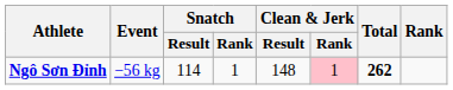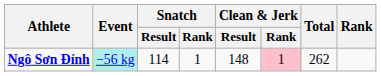 <table class="wikitable" style="font-size:90%">
 <tr>
 <th rowspan="2">Athlete</th>
 <th rowspan="2">Event</th>
 <th colspan="2">Snatch</th>
 <th colspan="2">Clean & Jerk</th>
 <th rowspan="2">Total</th>
 <th rowspan="2">Rank</th>
 </tr>
 <tr style="font-size:95%">
 <th>Result</th>
 <th>Rank</th>
 <th>Result</th>
 <th>Rank</th>
 </tr>
 <tr align=center>
 <td align=left><strong><a href='#'>Ngô Sơn Đỉnh</a></strong></td>
-<td align=left><a href='#'>−56 kg</a></td>
+<td align=left style="background: paleturquoise;"><a href='#'>−56 kg</a></td>
 <td>114</td>
 <td>1</td>
 <td>148</td>
 <td style="background: pink;">1</td>
-<td><strong>262</strong></td>
+<td>262</td>
 <td></td>
 </tr>
 </table>
